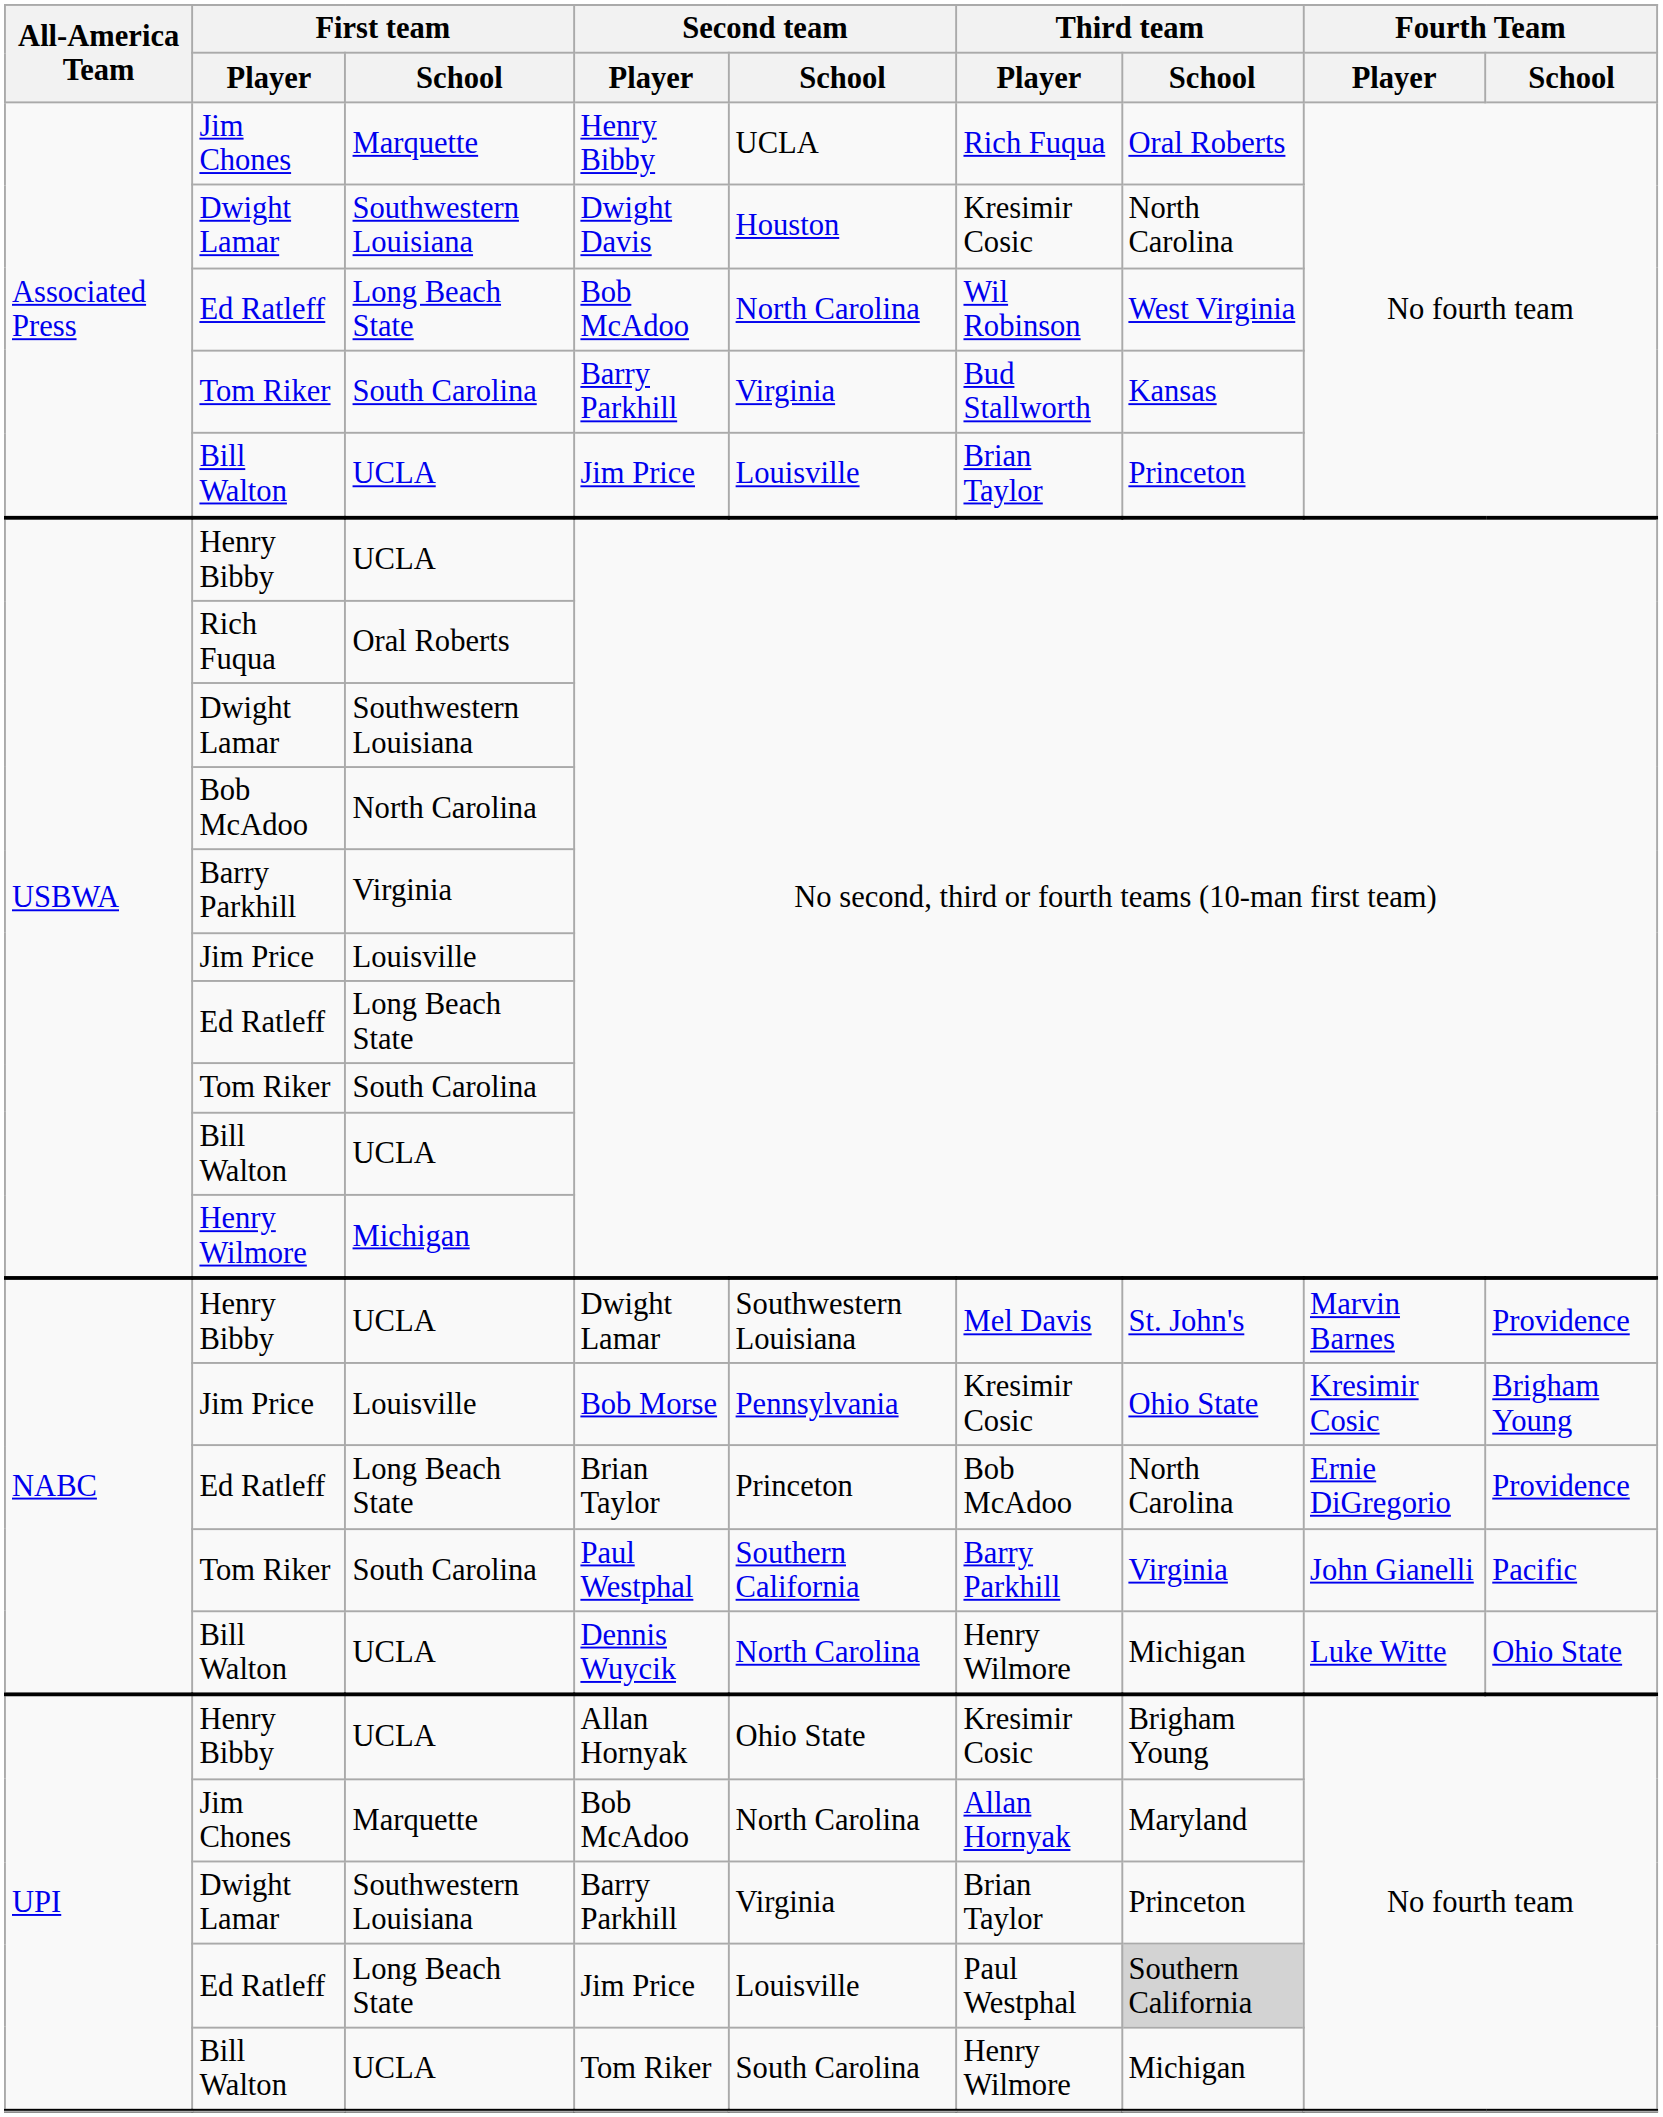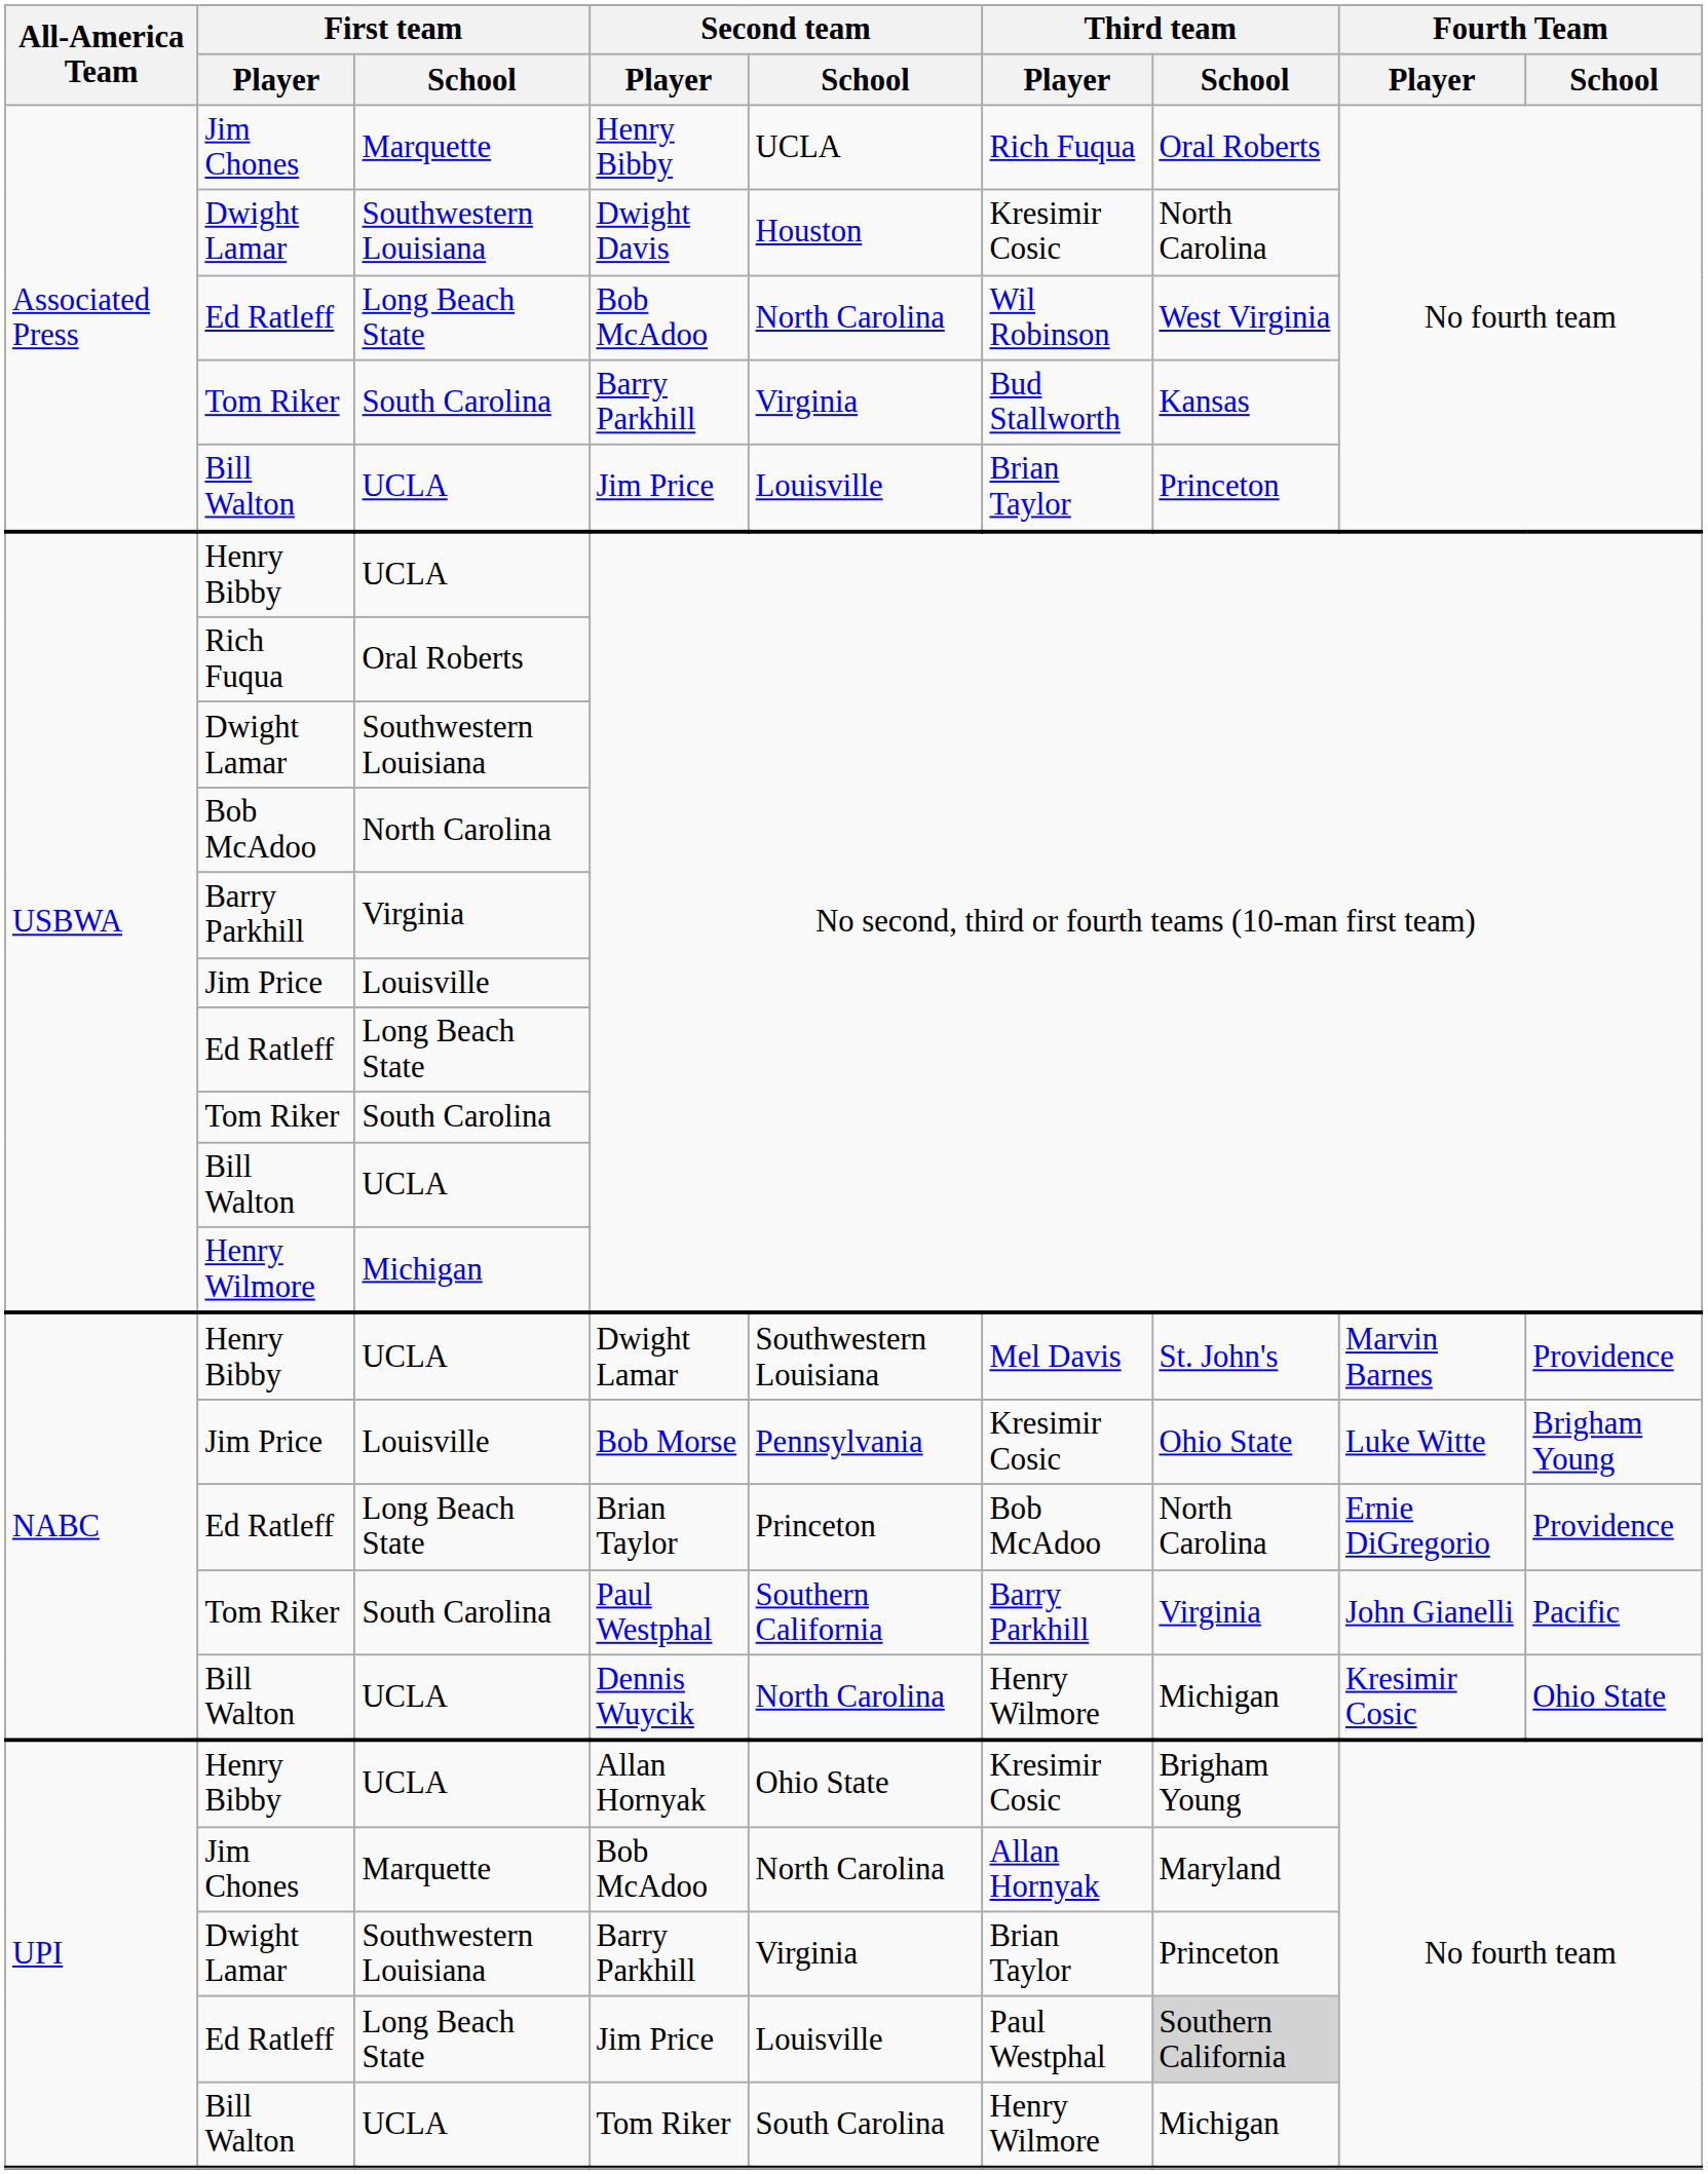 <table class="wikitable" style="width:98%;">
 <tr>
 <th rowspan=3>All-America Team</th>
 </tr>
 <tr>
 <th colspan=2>First team</th>
 <th colspan=2>Second team</th>
 <th colspan=2>Third team</th>
 <th colspan=2>Fourth Team</th>
 </tr>
 <tr>
 <th>Player</th>
 <th>School</th>
 <th>Player</th>
 <th>School</th>
 <th>Player</th>
 <th>School</th>
 <th>Player</th>
 <th>School</th>
 </tr>
 <tr>
 <td rowspan=5><a href='#'>Associated Press</a></td>
 <td><a href='#'>Jim Chones</a></td>
 <td><a href='#'>Marquette</a></td>
 <td><a href='#'>Henry Bibby</a></td>
 <td>UCLA</td>
 <td><a href='#'>Rich Fuqua</a></td>
 <td><a href='#'>Oral Roberts</a></td>
 <td rowspan=5 colspan=3 align=center>No fourth team</td>
 </tr>
 <tr>
 <td><a href='#'>Dwight Lamar</a></td>
 <td><a href='#'>Southwestern Louisiana</a></td>
 <td><a href='#'>Dwight Davis</a></td>
 <td><a href='#'>Houston</a></td>
 <td>Kresimir Cosic</td>
 <td>North Carolina</td>
 </tr>
 <tr>
 <td><a href='#'>Ed Ratleff</a></td>
 <td><a href='#'>Long Beach State</a></td>
 <td><a href='#'>Bob McAdoo</a></td>
 <td><a href='#'>North Carolina</a></td>
 <td><a href='#'>Wil Robinson</a></td>
 <td><a href='#'>West Virginia</a></td>
 </tr>
 <tr>
 <td><a href='#'>Tom Riker</a></td>
 <td><a href='#'>South Carolina</a></td>
 <td><a href='#'>Barry Parkhill</a></td>
 <td><a href='#'>Virginia</a></td>
 <td><a href='#'>Bud Stallworth</a></td>
 <td><a href='#'>Kansas</a></td>
 </tr>
 <tr>
 <td><a href='#'>Bill Walton</a></td>
 <td><a href='#'>UCLA</a></td>
 <td><a href='#'>Jim Price</a></td>
 <td><a href='#'>Louisville</a></td>
 <td><a href='#'>Brian Taylor</a></td>
 <td><a href='#'>Princeton</a></td>
 </tr>
 <tr style = "border-top:2px solid black;">
 <td rowspan=10><a href='#'>USBWA</a></td>
 <td>Henry Bibby</td>
 <td>UCLA</td>
 <td rowspan=10 colspan=6 align=center>No second, third or fourth teams (10-man first team)</td>
 </tr>
 <tr>
 <td>Rich Fuqua</td>
 <td>Oral Roberts</td>
 </tr>
 <tr>
 <td>Dwight Lamar</td>
 <td>Southwestern Louisiana</td>
 </tr>
 <tr>
 <td>Bob McAdoo</td>
 <td>North Carolina</td>
 </tr>
 <tr>
 <td>Barry Parkhill</td>
 <td>Virginia</td>
 </tr>
 <tr>
 <td>Jim Price</td>
 <td>Louisville</td>
 </tr>
 <tr>
 <td>Ed Ratleff</td>
 <td>Long Beach State</td>
 </tr>
 <tr>
 <td>Tom Riker</td>
 <td>South Carolina</td>
 </tr>
 <tr>
 <td>Bill Walton</td>
 <td>UCLA</td>
 </tr>
 <tr>
 <td><a href='#'>Henry Wilmore</a></td>
 <td><a href='#'>Michigan</a></td>
 </tr>
 <tr style = "border-top:2px solid black;">
 <td rowspan=5><a href='#'>NABC</a></td>
 <td>Henry Bibby</td>
 <td>UCLA</td>
 <td>Dwight Lamar</td>
 <td>Southwestern Louisiana</td>
 <td><a href='#'>Mel Davis</a></td>
 <td><a href='#'>St. John's</a></td>
 <td><a href='#'>Marvin Barnes</a></td>
 <td><a href='#'>Providence</a></td>
 </tr>
 <tr>
 <td>Jim Price</td>
 <td>Louisville</td>
 <td><a href='#'>Bob Morse</a></td>
 <td><a href='#'>Pennsylvania</a></td>
 <td>Kresimir Cosic</td>
 <td><a href='#'>Ohio State</a></td>
-<td><a href='#'>Kresimir Cosic</a></td>
+<td><a href='#'>Luke Witte</a></td>
 <td><a href='#'>Brigham Young</a></td>
 </tr>
 <tr>
 <td>Ed Ratleff</td>
 <td>Long Beach State</td>
 <td>Brian Taylor</td>
 <td>Princeton</td>
 <td>Bob McAdoo</td>
 <td>North Carolina</td>
 <td><a href='#'>Ernie DiGregorio</a></td>
 <td><a href='#'>Providence</a></td>
 </tr>
 <tr>
 <td>Tom Riker</td>
 <td>South Carolina</td>
 <td><a href='#'>Paul Westphal</a></td>
 <td><a href='#'>Southern California</a></td>
 <td><a href='#'>Barry Parkhill</a></td>
 <td><a href='#'>Virginia</a></td>
 <td><a href='#'>John Gianelli</a></td>
 <td><a href='#'>Pacific</a></td>
 </tr>
 <tr>
 <td>Bill Walton</td>
 <td>UCLA</td>
 <td><a href='#'>Dennis Wuycik</a></td>
 <td><a href='#'>North Carolina</a></td>
 <td>Henry Wilmore</td>
 <td>Michigan</td>
-<td><a href='#'>Luke Witte</a></td>
+<td><a href='#'>Kresimir Cosic</a></td>
 <td><a href='#'>Ohio State</a></td>
 </tr>
 <tr style = "border-top:2px solid black;">
 <td rowspan=5><a href='#'>UPI</a></td>
 <td>Henry Bibby</td>
 <td>UCLA</td>
 <td>Allan Hornyak</td>
 <td>Ohio State</td>
 <td>Kresimir Cosic</td>
 <td>Brigham Young</td>
 <td rowspan=5 colspan=3 align=center>No fourth team</td>
 </tr>
 <tr>
 <td>Jim Chones</td>
 <td>Marquette</td>
 <td>Bob McAdoo</td>
 <td>North Carolina</td>
 <td><a href='#'>Allan Hornyak</a></td>
 <td>Maryland</td>
 </tr>
 <tr>
 <td>Dwight Lamar</td>
 <td>Southwestern Louisiana</td>
 <td>Barry Parkhill</td>
 <td>Virginia</td>
 <td>Brian Taylor</td>
 <td>Princeton</td>
 </tr>
 <tr>
 <td>Ed Ratleff</td>
 <td>Long Beach State</td>
 <td>Jim Price</td>
 <td>Louisville</td>
 <td>Paul Westphal</td>
 <td style="background: lightgrey;">Southern California</td>
 </tr>
 <tr>
 <td>Bill Walton</td>
 <td>UCLA</td>
 <td>Tom Riker</td>
 <td>South Carolina</td>
 <td>Henry Wilmore</td>
 <td>Michigan</td>
 </tr>
 <tr style="border-top:2px solid black">
 </tr>
 </table>
